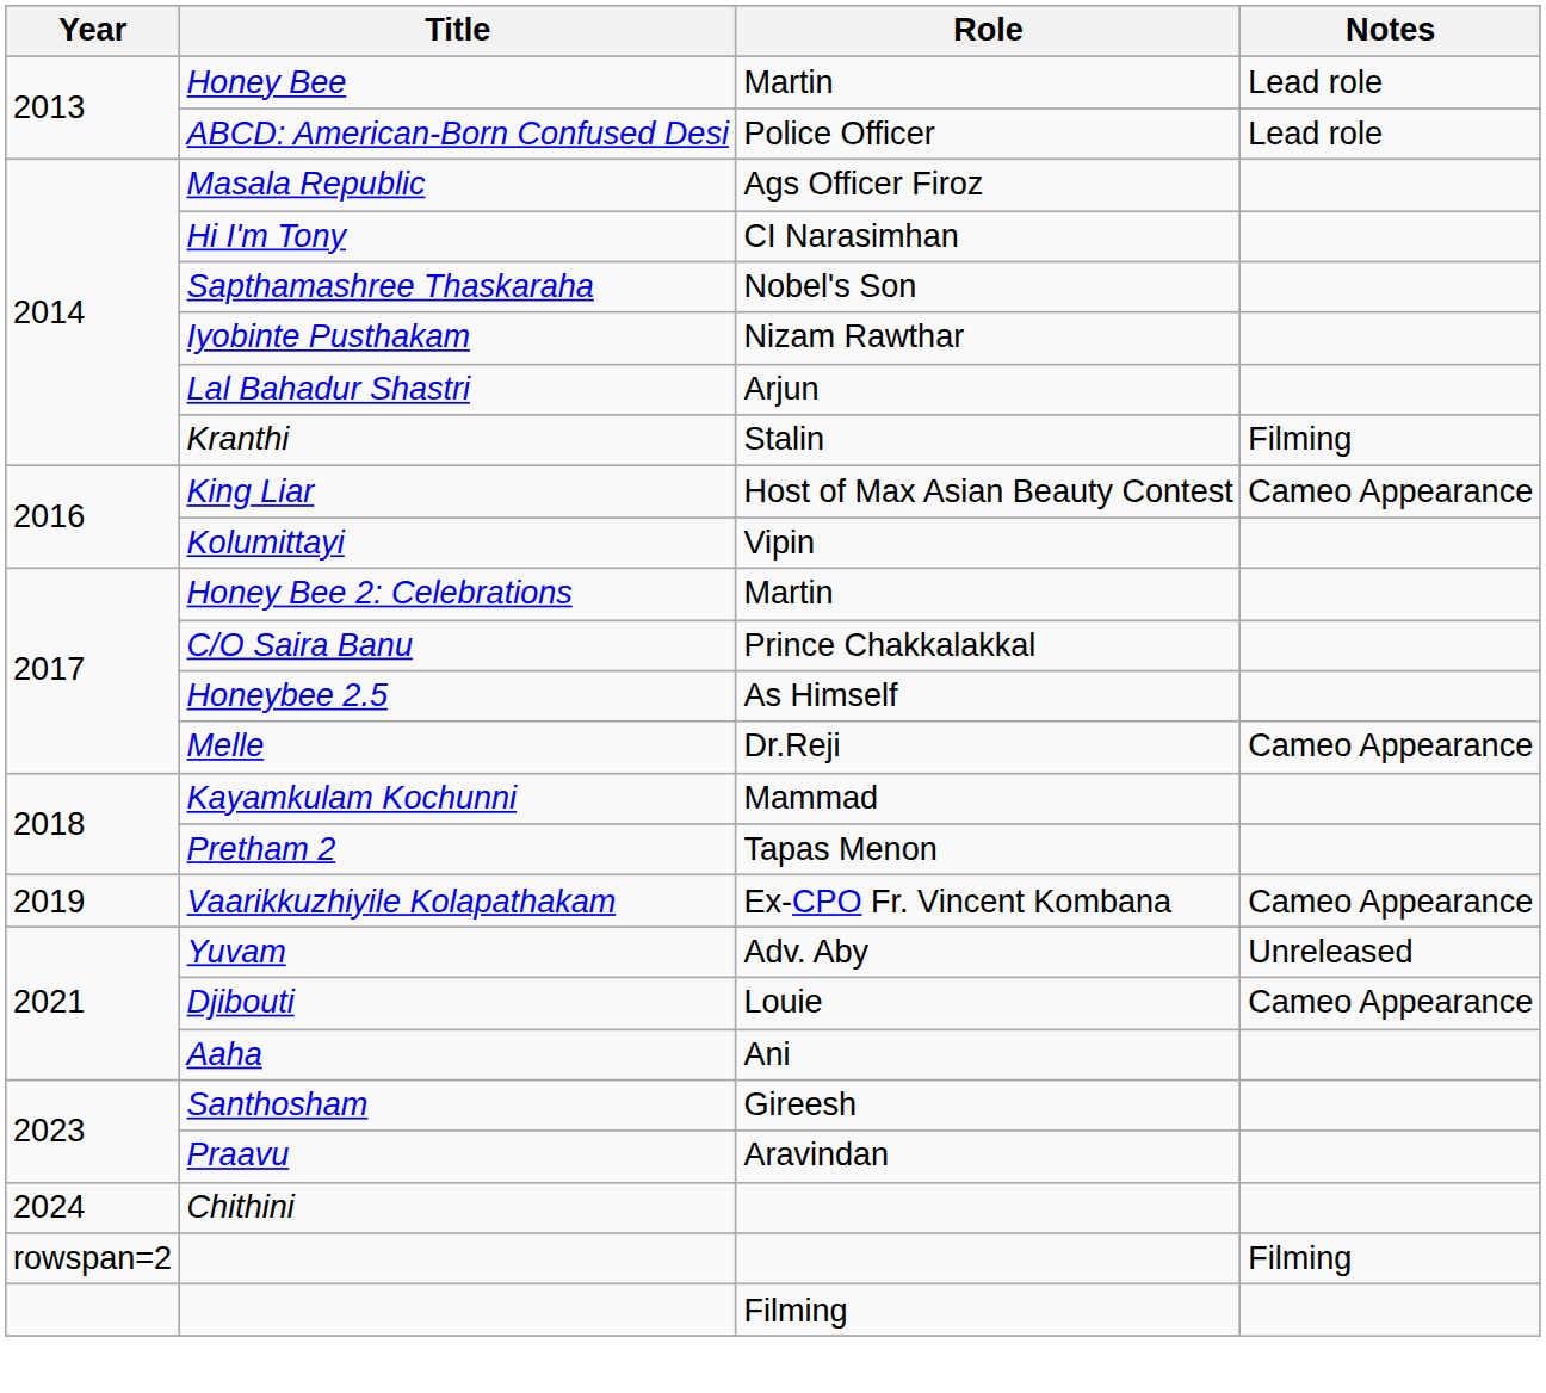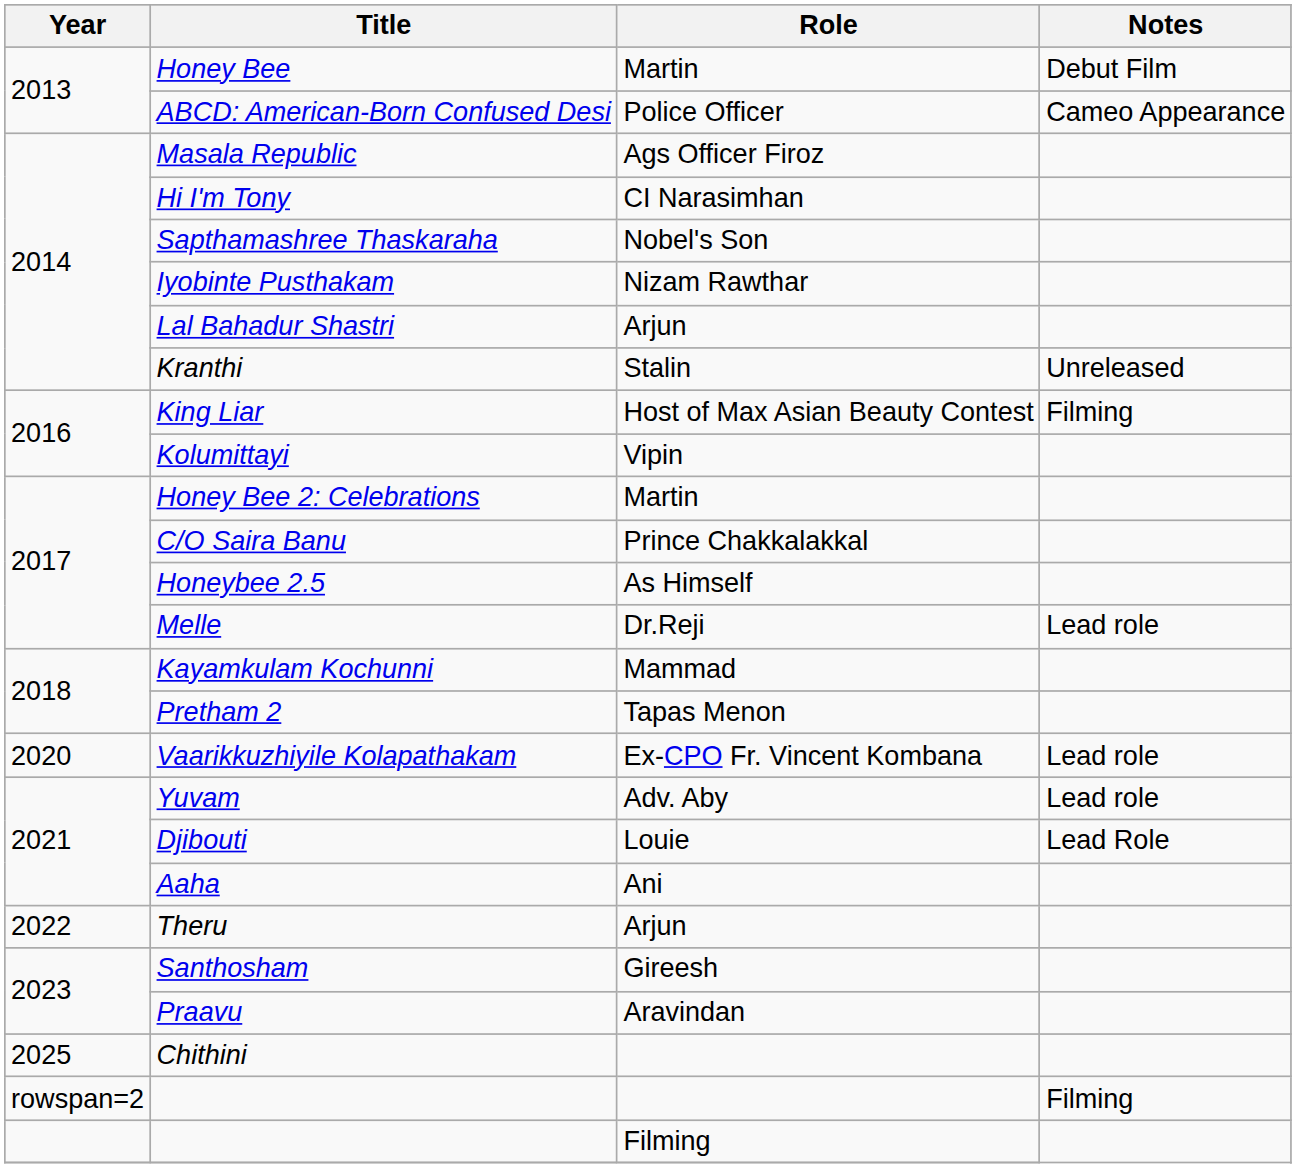 <table class="wikitable sortable">
 <tr>
 <th>Year</th>
 <th>Title</th>
 <th>Role</th>
 <th class="unsortable">Notes</th>
 </tr>
 <tr>
 <td rowspan=2>2013</td>
 <td><em><a href='#'>Honey Bee</a></em></td>
 <td>Martin</td>
-<td>Lead role</td>
+<td>Debut Film</td>
 </tr>
 <tr>
 <td><em><a href='#'>ABCD: American-Born Confused Desi</a></em></td>
 <td>Police Officer</td>
-<td>Lead role</td>
+<td>Cameo Appearance</td>
 </tr>
 <tr>
 <td rowspan=6>2014</td>
 <td><em><a href='#'>Masala Republic</a></em></td>
 <td>Ags Officer Firoz</td>
 <td></td>
 </tr>
 <tr>
 <td><em><a href='#'>Hi I'm Tony</a></em></td>
 <td>CI Narasimhan</td>
 <td></td>
 </tr>
 <tr>
 <td><em><a href='#'>Sapthamashree Thaskaraha</a></em></td>
 <td>Nobel's Son</td>
 <td></td>
 </tr>
 <tr>
 <td><em><a href='#'>Iyobinte Pusthakam</a></em></td>
 <td>Nizam Rawthar</td>
 <td></td>
 </tr>
 <tr>
 <td><em><a href='#'>Lal Bahadur Shastri</a></em></td>
 <td>Arjun</td>
 <td></td>
 </tr>
 <tr>
 <td><em>Kranthi</em></td>
 <td>Stalin</td>
-<td>Filming</td>
+<td>Unreleased</td>
 </tr>
 <tr>
 <td rowspan=2>2016</td>
 <td><em><a href='#'>King Liar</a></em></td>
 <td>Host of Max Asian Beauty Contest</td>
-<td>Cameo Appearance</td>
+<td>Filming</td>
 </tr>
 <tr>
 <td><em><a href='#'>Kolumittayi</a></em></td>
 <td>Vipin</td>
 <td></td>
 </tr>
 <tr>
 <td rowspan=4>2017</td>
 <td><em><a href='#'>Honey Bee 2: Celebrations</a></em></td>
 <td>Martin</td>
 <td></td>
 </tr>
 <tr>
 <td><em><a href='#'>C/O Saira Banu</a></em></td>
 <td>Prince Chakkalakkal</td>
 <td></td>
 </tr>
 <tr>
 <td><em><a href='#'>Honeybee 2.5</a></em></td>
 <td>As Himself</td>
 <td></td>
 </tr>
 <tr>
 <td><em><a href='#'>Melle</a></em></td>
 <td>Dr.Reji</td>
-<td>Cameo Appearance</td>
+<td>Lead role</td>
 </tr>
 <tr>
 <td rowspan=2>2018</td>
 <td><em><a href='#'>Kayamkulam Kochunni</a></em></td>
 <td>Mammad</td>
 <td></td>
 </tr>
 <tr>
 <td><em><a href='#'>Pretham 2</a></em></td>
 <td>Tapas Menon</td>
 <td></td>
 </tr>
 <tr>
-<td>2019</td>
+<td>2020</td>
 <td><em><a href='#'>Vaarikkuzhiyile Kolapathakam</a></em></td>
 <td>Ex-<a href='#'>CPO</a> Fr. Vincent Kombana</td>
-<td>Cameo Appearance</td>
+<td>Lead role</td>
 </tr>
 <tr>
 <td rowspan=3>2021</td>
 <td><em><a href='#'>Yuvam</a></em></td>
 <td>Adv. Aby</td>
-<td>Unreleased</td>
+<td>Lead role</td>
 </tr>
 <tr>
 <td><em><a href='#'>Djibouti</a></em></td>
 <td>Louie</td>
-<td>Cameo Appearance</td>
+<td>Lead Role</td>
 </tr>
 <tr>
 <td><em><a href='#'>Aaha</a></em></td>
 <td>Ani</td>
+<td></td>
+</tr>
+<tr>
+<td>2022</td>
+<td><em>Theru</em></td>
+<td>Arjun</td>
 <td></td>
 </tr>
 <tr>
 <td rowspan=2>2023</td>
 <td><em><a href='#'>Santhosham</a></em></td>
 <td>Gireesh</td>
 <td></td>
 </tr>
 <tr>
 <td><em><a href='#'>Praavu</a></em></td>
 <td>Aravindan</td>
 <td></td>
 </tr>
 <tr>
-<td>2024</td>
+<td>2025</td>
 <td><em>Chithini</em></td>
 <td></td>
 <td></td>
 </tr>
 <tr>
 <td>rowspan=2 </td>
 <td></td>
 <td></td>
 <td>Filming</td>
 </tr>
 <tr>
 <td></td>
 <td></td>
 <td>Filming</td>
 </tr>
 <tr>
 </tr>
 </table>
